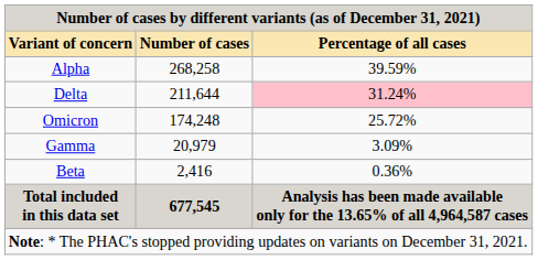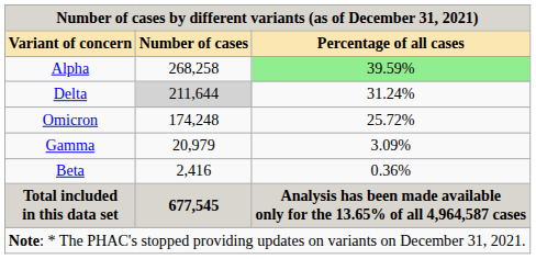 <table class="wikitable" style="text-align:center; font-size:90%">
 <tr>
 <th colspan="3" style="background:#D9D6CF">Number of cases by different variants (as of December 31, 2021)</th>
 </tr>
 <tr>
 <th style="background:#FBE7B2">Variant of concern</th>
 <th style="background:#FBE7B2">Number of cases</th>
 <th style="background:#FBE7B2">Percentage of all cases</th>
 </tr>
 <tr>
 <td><a href='#'>Alpha</a></td>
 <td>268,258</td>
-<td>39.59%</td>
+<td style="background: lightgreen;">39.59%</td>
 </tr>
 <tr>
 <td><a href='#'>Delta</a></td>
-<td>211,644</td>
-<td style="background: pink;">31.24%</td>
+<td style="background: lightgrey;">211,644</td>
+<td>31.24%</td>
 </tr>
 <tr>
 <td><a href='#'>Omicron</a></td>
 <td>174,248</td>
 <td>25.72%</td>
 </tr>
 <tr>
 <td><a href='#'>Gamma</a></td>
 <td>20,979</td>
 <td>3.09%</td>
 </tr>
 <tr>
 <td><a href='#'>Beta</a></td>
 <td>2,416</td>
 <td>0.36%</td>
 </tr>
 <tr>
 <td style="background:#D9D6CF"><strong>Total included<br>in this data set</strong></td>
 <td style="background:#D9D6CF"><strong>677,545</strong></td>
 <td style="background:#D9D6CF"><strong>Analysis has been made available<br>only for the 13.65% of all 4,964,587 cases</strong></td>
 </tr>
 <tr>
 <td colspan="3" style="text-align:left;"><strong>Note</strong>: * The PHAC's stopped providing updates on variants on December 31, 2021.</td>
 </tr>
 </table>
